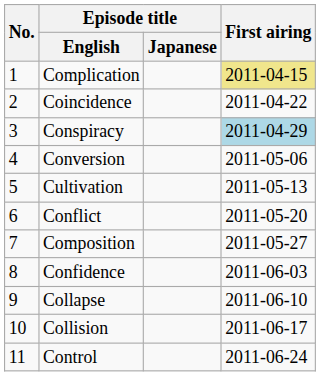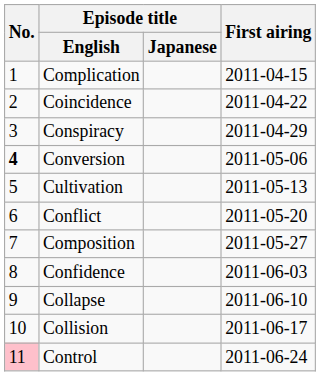 <table class="wikitable">
 <tr>
 <th rowspan="2">No.</th>
 <th colspan="2" align="center">Episode title</th>
 <th rowspan="2">First airing</th>
 </tr>
 <tr>
 <th>English</th>
 <th>Japanese</th>
 </tr>
 <tr>
 <td>1</td>
 <td>Complication</td>
 <td></td>
-<td style="background: khaki;">2011-04-15</td>
+<td>2011-04-15</td>
 </tr>
 <tr>
 <td>2</td>
 <td>Coincidence</td>
 <td></td>
 <td>2011-04-22</td>
 </tr>
 <tr>
 <td>3</td>
 <td>Conspiracy</td>
 <td></td>
-<td style="background: lightblue;">2011-04-29</td>
+<td>2011-04-29</td>
 </tr>
 <tr>
-<td>4</td>
+<td><strong>4</strong></td>
 <td>Conversion</td>
 <td></td>
 <td>2011-05-06</td>
 </tr>
 <tr>
 <td>5</td>
 <td>Cultivation</td>
 <td></td>
 <td>2011-05-13</td>
 </tr>
 <tr>
 <td>6</td>
 <td>Conflict</td>
 <td></td>
 <td>2011-05-20</td>
 </tr>
 <tr>
 <td>7</td>
 <td>Composition</td>
 <td></td>
 <td>2011-05-27</td>
 </tr>
 <tr>
 <td>8</td>
 <td>Confidence</td>
 <td></td>
 <td>2011-06-03</td>
 </tr>
 <tr>
 <td>9</td>
 <td>Collapse</td>
 <td></td>
 <td>2011-06-10</td>
 </tr>
 <tr>
 <td>10</td>
 <td>Collision</td>
 <td></td>
 <td>2011-06-17</td>
 </tr>
 <tr>
-<td>11</td>
+<td style="background: pink;">11</td>
 <td>Control</td>
 <td></td>
 <td>2011-06-24</td>
 </tr>
 </table>
